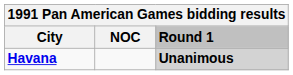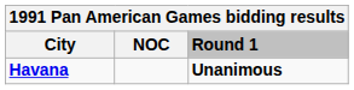 <table class="wikitable">
 <tr>
 <th colspan="7">1991 Pan American Games bidding results</th>
 </tr>
 <tr>
 <th>City</th>
 <th>NOC</th>
 <td bgcolor="silver"><strong>Round 1</strong></td>
 </tr>
 <tr>
 <td><strong><a href='#'>Havana</a></strong></td>
 <td><strong></strong></td>
-<td style="background: lightgrey;"><strong>Unanimous</strong></td>
+<td><strong>Unanimous</strong></td>
 </tr>
 </table>
